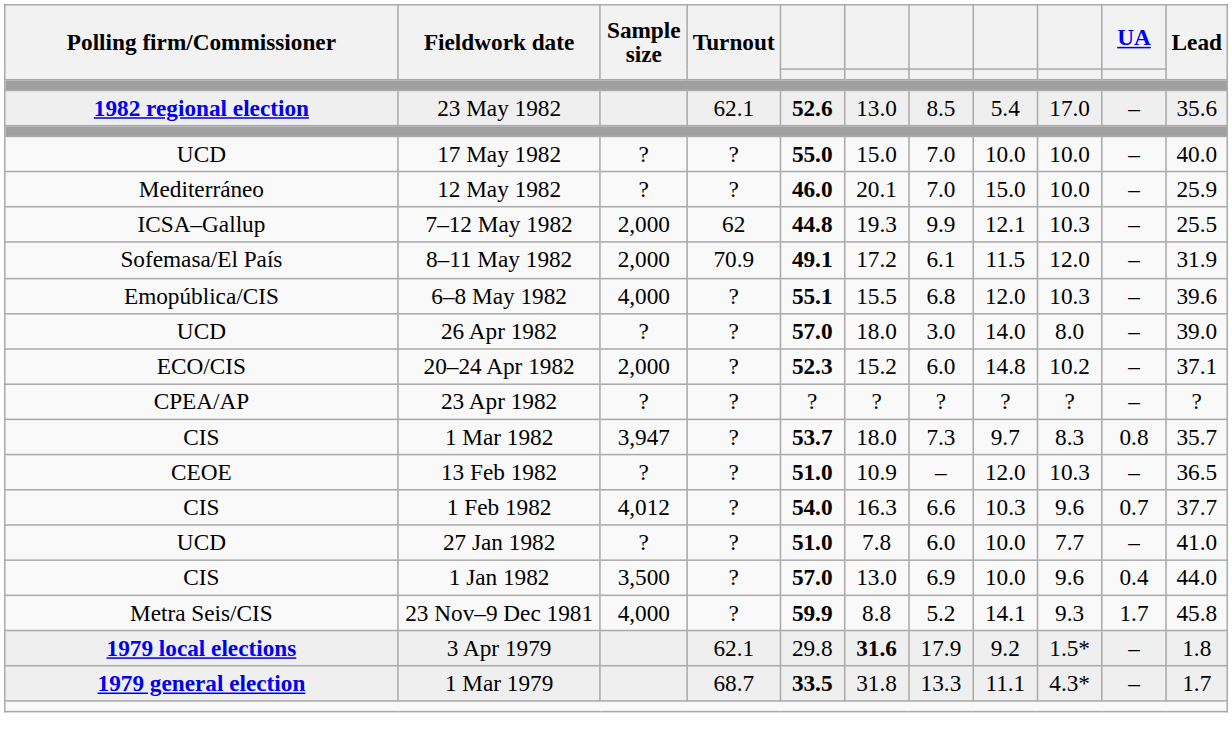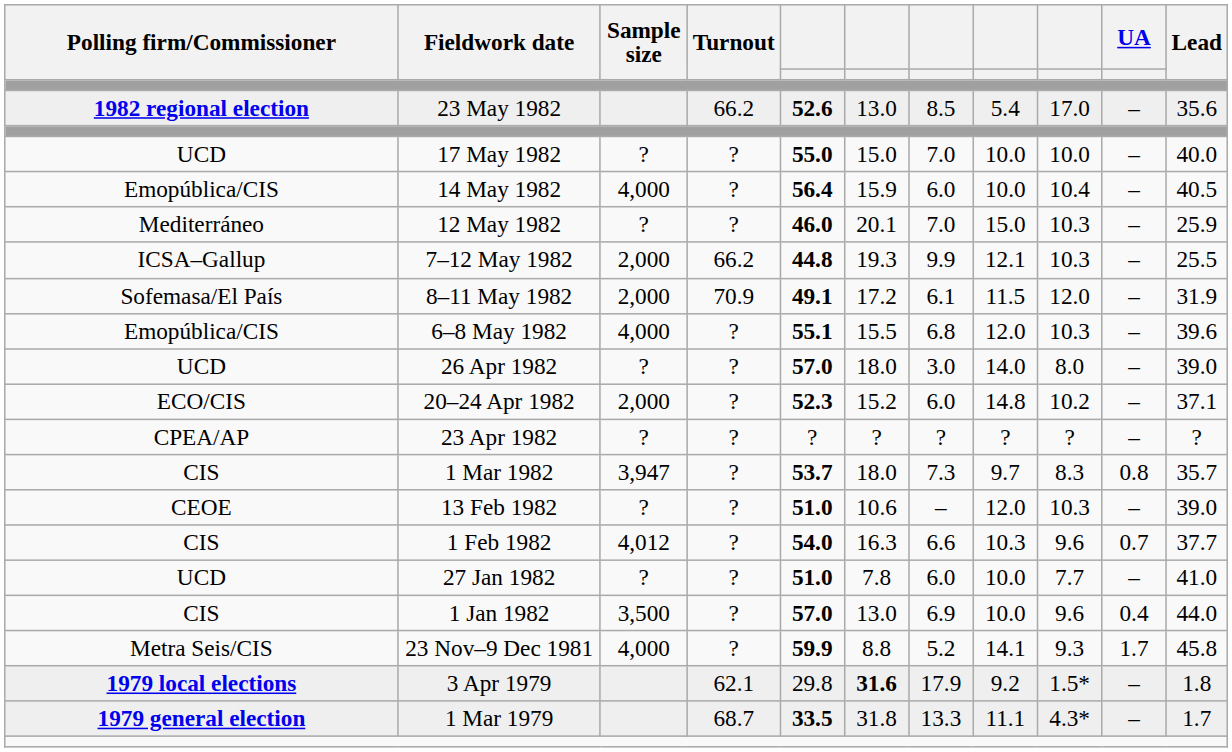 <table class="wikitable collapsible collapsed" style="text-align:center; font-size:95%; line-height:16px;">
 <tr style="height:42px;">
 <th style="width:250px;" rowspan="2">Polling firm/Commissioner</th>
 <th style="width:125px;" rowspan="2">Fieldwork date</th>
 <th style="width:50px;" rowspan="2">Sample size</th>
 <th style="width:45px;" rowspan="2">Turnout</th>
 <th style="width:35px;"></th>
 <th style="width:35px;"></th>
 <th style="width:35px;"></th>
 <th style="width:35px;"></th>
 <th style="width:35px;"></th>
 <th style="width:35px;"><a href='#'>UA</a></th>
 <th style="width:30px;" rowspan="2">Lead</th>
 </tr>
 <tr>
 <th style="color:inherit;background:"></th>
 <th style="color:inherit;background:"></th>
 <th style="color:inherit;background:"></th>
 <th style="color:inherit;background:"></th>
 <th style="color:inherit;background:"></th>
 <th style="color:inherit;background:"></th>
 </tr>
 <tr>
 <td colspan="11" style="background:#A0A0A0"></td>
 </tr>
 <tr style="background:#EFEFEF;">
 <td><strong><a href='#'>1982 regional election</a></strong></td>
 <td>23 May 1982</td>
 <td></td>
-<td>62.1</td>
+<td>66.2</td>
 <td><strong>52.6</strong><br></td>
 <td>13.0<br></td>
 <td>8.5<br></td>
 <td>5.4<br></td>
 <td>17.0<br></td>
 <td>–</td>
 <td style="background:">35.6</td>
 </tr>
 <tr>
 <td colspan="11" style="background:#A0A0A0"></td>
 </tr>
 <tr>
 <td>UCD</td>
 <td>17 May 1982</td>
 <td>?</td>
 <td>?</td>
 <td><strong>55.0</strong><br></td>
 <td>15.0<br></td>
 <td>7.0<br></td>
 <td>10.0<br></td>
 <td>10.0<br></td>
 <td>–</td>
 <td style="background:">40.0</td>
 </tr>
 <tr>
+<td>Emopública/CIS</td>
+<td>14 May 1982</td>
+<td>4,000</td>
+<td>?</td>
+<td><strong>56.4</strong></td>
+<td>15.9</td>
+<td>6.0</td>
+<td>10.0</td>
+<td>10.4</td>
+<td>–</td>
+<td style="background:">40.5</td>
+</tr>
+<tr>
 <td>Mediterráneo</td>
 <td>12 May 1982</td>
 <td>?</td>
 <td>?</td>
 <td><strong>46.0</strong><br></td>
 <td>20.1<br></td>
 <td>7.0<br></td>
 <td>15.0<br></td>
-<td>10.0<br></td>
+<td>10.3<br></td>
 <td>–</td>
 <td style="background:">25.9</td>
 </tr>
 <tr>
 <td>ICSA–Gallup</td>
 <td>7–12 May 1982</td>
 <td>2,000</td>
-<td>62</td>
+<td>66.2</td>
 <td><strong>44.8</strong><br></td>
 <td>19.3<br></td>
 <td>9.9<br></td>
 <td>12.1<br></td>
 <td>10.3<br></td>
 <td>–</td>
 <td style="background:">25.5</td>
 </tr>
 <tr>
 <td>Sofemasa/El País</td>
 <td>8–11 May 1982</td>
 <td>2,000</td>
 <td>70.9</td>
 <td><strong>49.1</strong></td>
 <td>17.2</td>
 <td>6.1</td>
 <td>11.5</td>
 <td>12.0</td>
 <td>–</td>
 <td style="background:">31.9</td>
 </tr>
 <tr>
 <td>Emopública/CIS</td>
 <td>6–8 May 1982</td>
 <td>4,000</td>
 <td>?</td>
 <td><strong>55.1</strong></td>
 <td>15.5</td>
 <td>6.8</td>
 <td>12.0</td>
 <td>10.3</td>
 <td>–</td>
 <td style="background:">39.6</td>
 </tr>
 <tr>
 <td>UCD</td>
 <td>26 Apr 1982</td>
 <td>?</td>
 <td>?</td>
 <td><strong>57.0</strong></td>
 <td>18.0</td>
 <td>3.0</td>
 <td>14.0</td>
 <td>8.0</td>
 <td>–</td>
 <td style="background:">39.0</td>
 </tr>
 <tr>
 <td>ECO/CIS</td>
 <td>20–24 Apr 1982</td>
 <td>2,000</td>
 <td>?</td>
 <td><strong>52.3</strong></td>
 <td>15.2</td>
 <td>6.0</td>
 <td>14.8</td>
 <td>10.2</td>
 <td>–</td>
 <td style="background:">37.1</td>
 </tr>
 <tr>
 <td>CPEA/AP</td>
 <td>23 Apr 1982</td>
 <td>?</td>
 <td>?</td>
 <td>?<br></td>
 <td>?<br></td>
 <td>?<br></td>
 <td>?<br></td>
 <td>?<br></td>
 <td>–</td>
 <td style="background:">?</td>
 </tr>
 <tr>
 <td>CIS</td>
 <td>1 Mar 1982</td>
 <td>3,947</td>
 <td>?</td>
 <td><strong>53.7</strong></td>
 <td>18.0</td>
 <td>7.3</td>
 <td>9.7</td>
 <td>8.3</td>
 <td>0.8</td>
 <td style="background:">35.7</td>
 </tr>
 <tr>
 <td>CEOE</td>
 <td>13 Feb 1982</td>
 <td>?</td>
 <td>?</td>
 <td><strong>51.0</strong></td>
-<td>10.9</td>
+<td>10.6</td>
 <td>–</td>
 <td>12.0</td>
 <td>10.3</td>
 <td>–</td>
-<td style="background:">36.5</td>
+<td style="background:">39.0</td>
 </tr>
 <tr>
 <td>CIS</td>
 <td>1 Feb 1982</td>
 <td>4,012</td>
 <td>?</td>
 <td><strong>54.0</strong></td>
 <td>16.3</td>
 <td>6.6</td>
 <td>10.3</td>
 <td>9.6</td>
 <td>0.7</td>
 <td style="background:">37.7</td>
 </tr>
 <tr>
 <td>UCD</td>
 <td>27 Jan 1982</td>
 <td>?</td>
 <td>?</td>
 <td><strong>51.0</strong></td>
 <td>7.8</td>
 <td>6.0</td>
 <td>10.0</td>
 <td>7.7</td>
 <td>–</td>
 <td style="background:">41.0</td>
 </tr>
 <tr>
 <td>CIS</td>
 <td>1 Jan 1982</td>
 <td>3,500</td>
 <td>?</td>
 <td><strong>57.0</strong></td>
 <td>13.0</td>
 <td>6.9</td>
 <td>10.0</td>
 <td>9.6</td>
 <td>0.4</td>
 <td style="background:">44.0</td>
 </tr>
 <tr>
 <td>Metra Seis/CIS</td>
 <td>23 Nov–9 Dec 1981</td>
 <td>4,000</td>
 <td>?</td>
 <td><strong>59.9</strong></td>
 <td>8.8</td>
 <td>5.2</td>
 <td>14.1</td>
 <td>9.3</td>
 <td>1.7</td>
 <td style="background:">45.8</td>
 </tr>
 <tr style="background:#EFEFEF;">
 <td><strong><a href='#'>1979 local elections</a></strong></td>
 <td>3 Apr 1979</td>
 <td></td>
 <td>62.1</td>
 <td>29.8</td>
 <td><strong>31.6</strong></td>
 <td>17.9</td>
 <td>9.2</td>
 <td>1.5*</td>
 <td>–</td>
 <td style="background:">1.8</td>
 </tr>
 <tr style="background:#EFEFEF;">
 <td><strong><a href='#'>1979 general election</a></strong></td>
 <td>1 Mar 1979</td>
 <td></td>
 <td>68.7</td>
 <td><strong>33.5</strong><br></td>
 <td>31.8<br></td>
 <td>13.3<br></td>
 <td>11.1<br></td>
 <td>4.3*<br></td>
 <td>–</td>
 <td style="background:">1.7</td>
 </tr>
 <tr>
 <td align="left" colspan="11"></td>
 </tr>
 </table>
